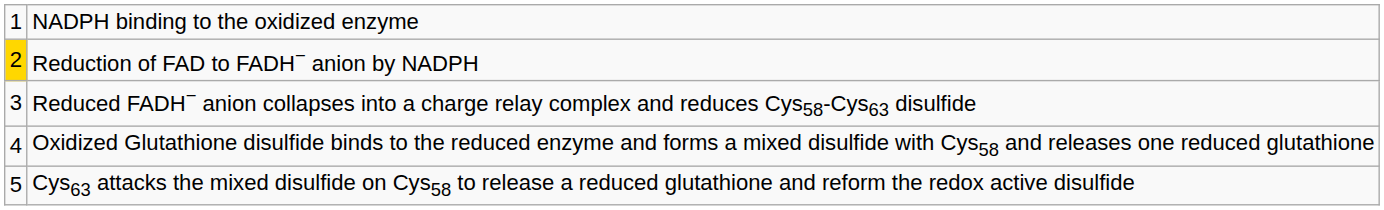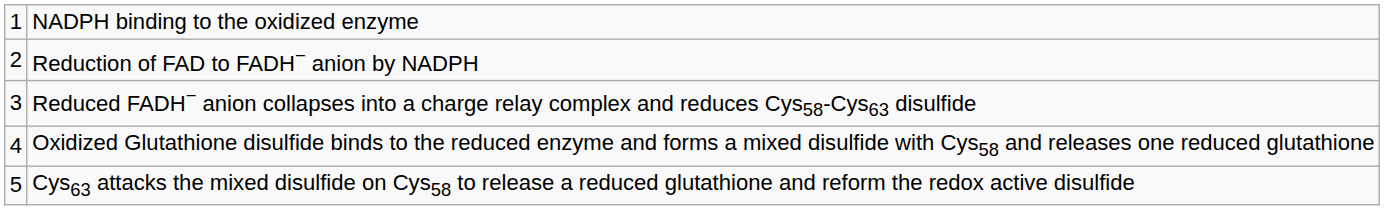 <table class="wikitable">
 <tr>
 <td>1</td>
 <td>NADPH binding to the oxidized enzyme</td>
 </tr>
 <tr>
-<td style="background: gold;">2</td>
+<td>2</td>
 <td>Reduction of FAD to FADH<sup>−</sup> anion by NADPH</td>
 </tr>
 <tr>
 <td>3</td>
 <td>Reduced FADH<sup>−</sup> anion collapses into a charge relay complex and reduces Cys<sub>58</sub>-Cys<sub>63</sub> disulfide</td>
 </tr>
 <tr>
 <td>4</td>
 <td>Oxidized Glutathione disulfide binds to the reduced enzyme and forms a mixed disulfide with Cys<sub>58</sub> and releases one reduced glutathione</td>
 </tr>
 <tr>
 <td>5</td>
 <td>Cys<sub>63</sub> attacks the mixed disulfide on Cys<sub>58</sub> to release a reduced glutathione and reform the redox active disulfide</td>
 </tr>
 </table>
